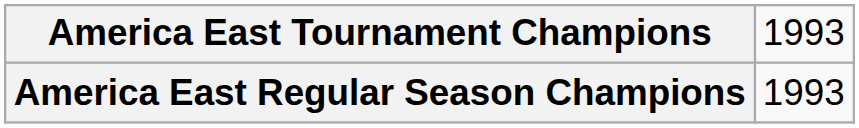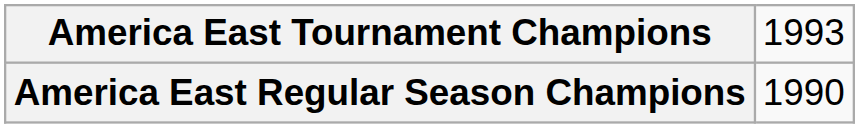 <table class="wikitable">
 <tr>
 <th>America East Tournament Champions</th>
 <td>1993</td>
 </tr>
 <tr>
 <th>America East Regular Season Champions</th>
-<td>1993</td>
+<td>1990</td>
 </tr>
 </table>
